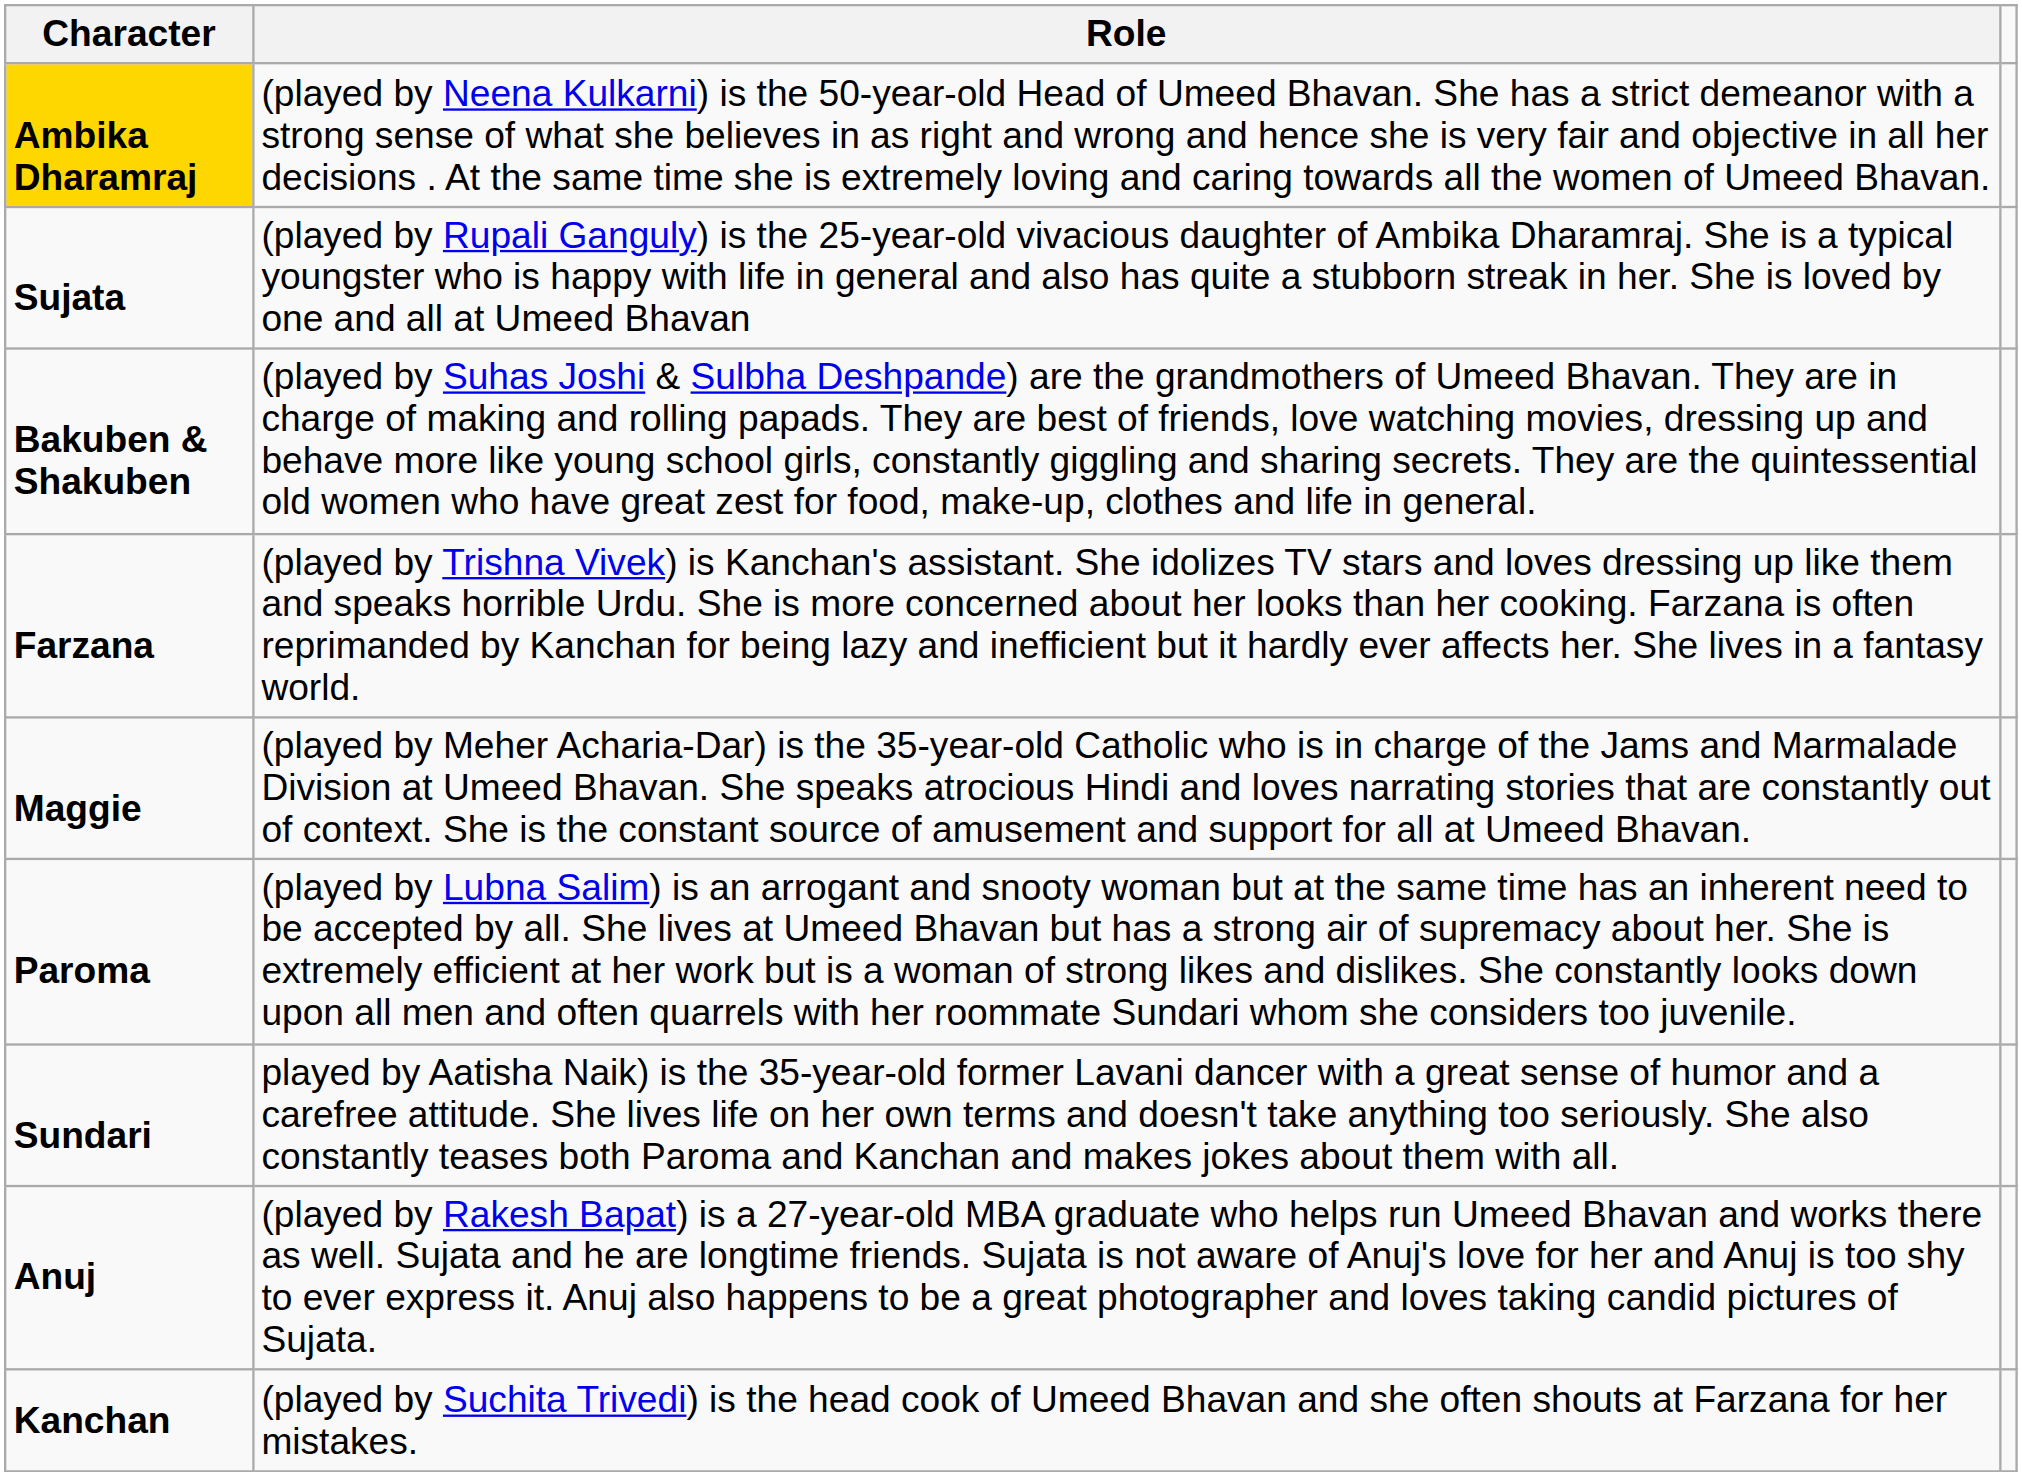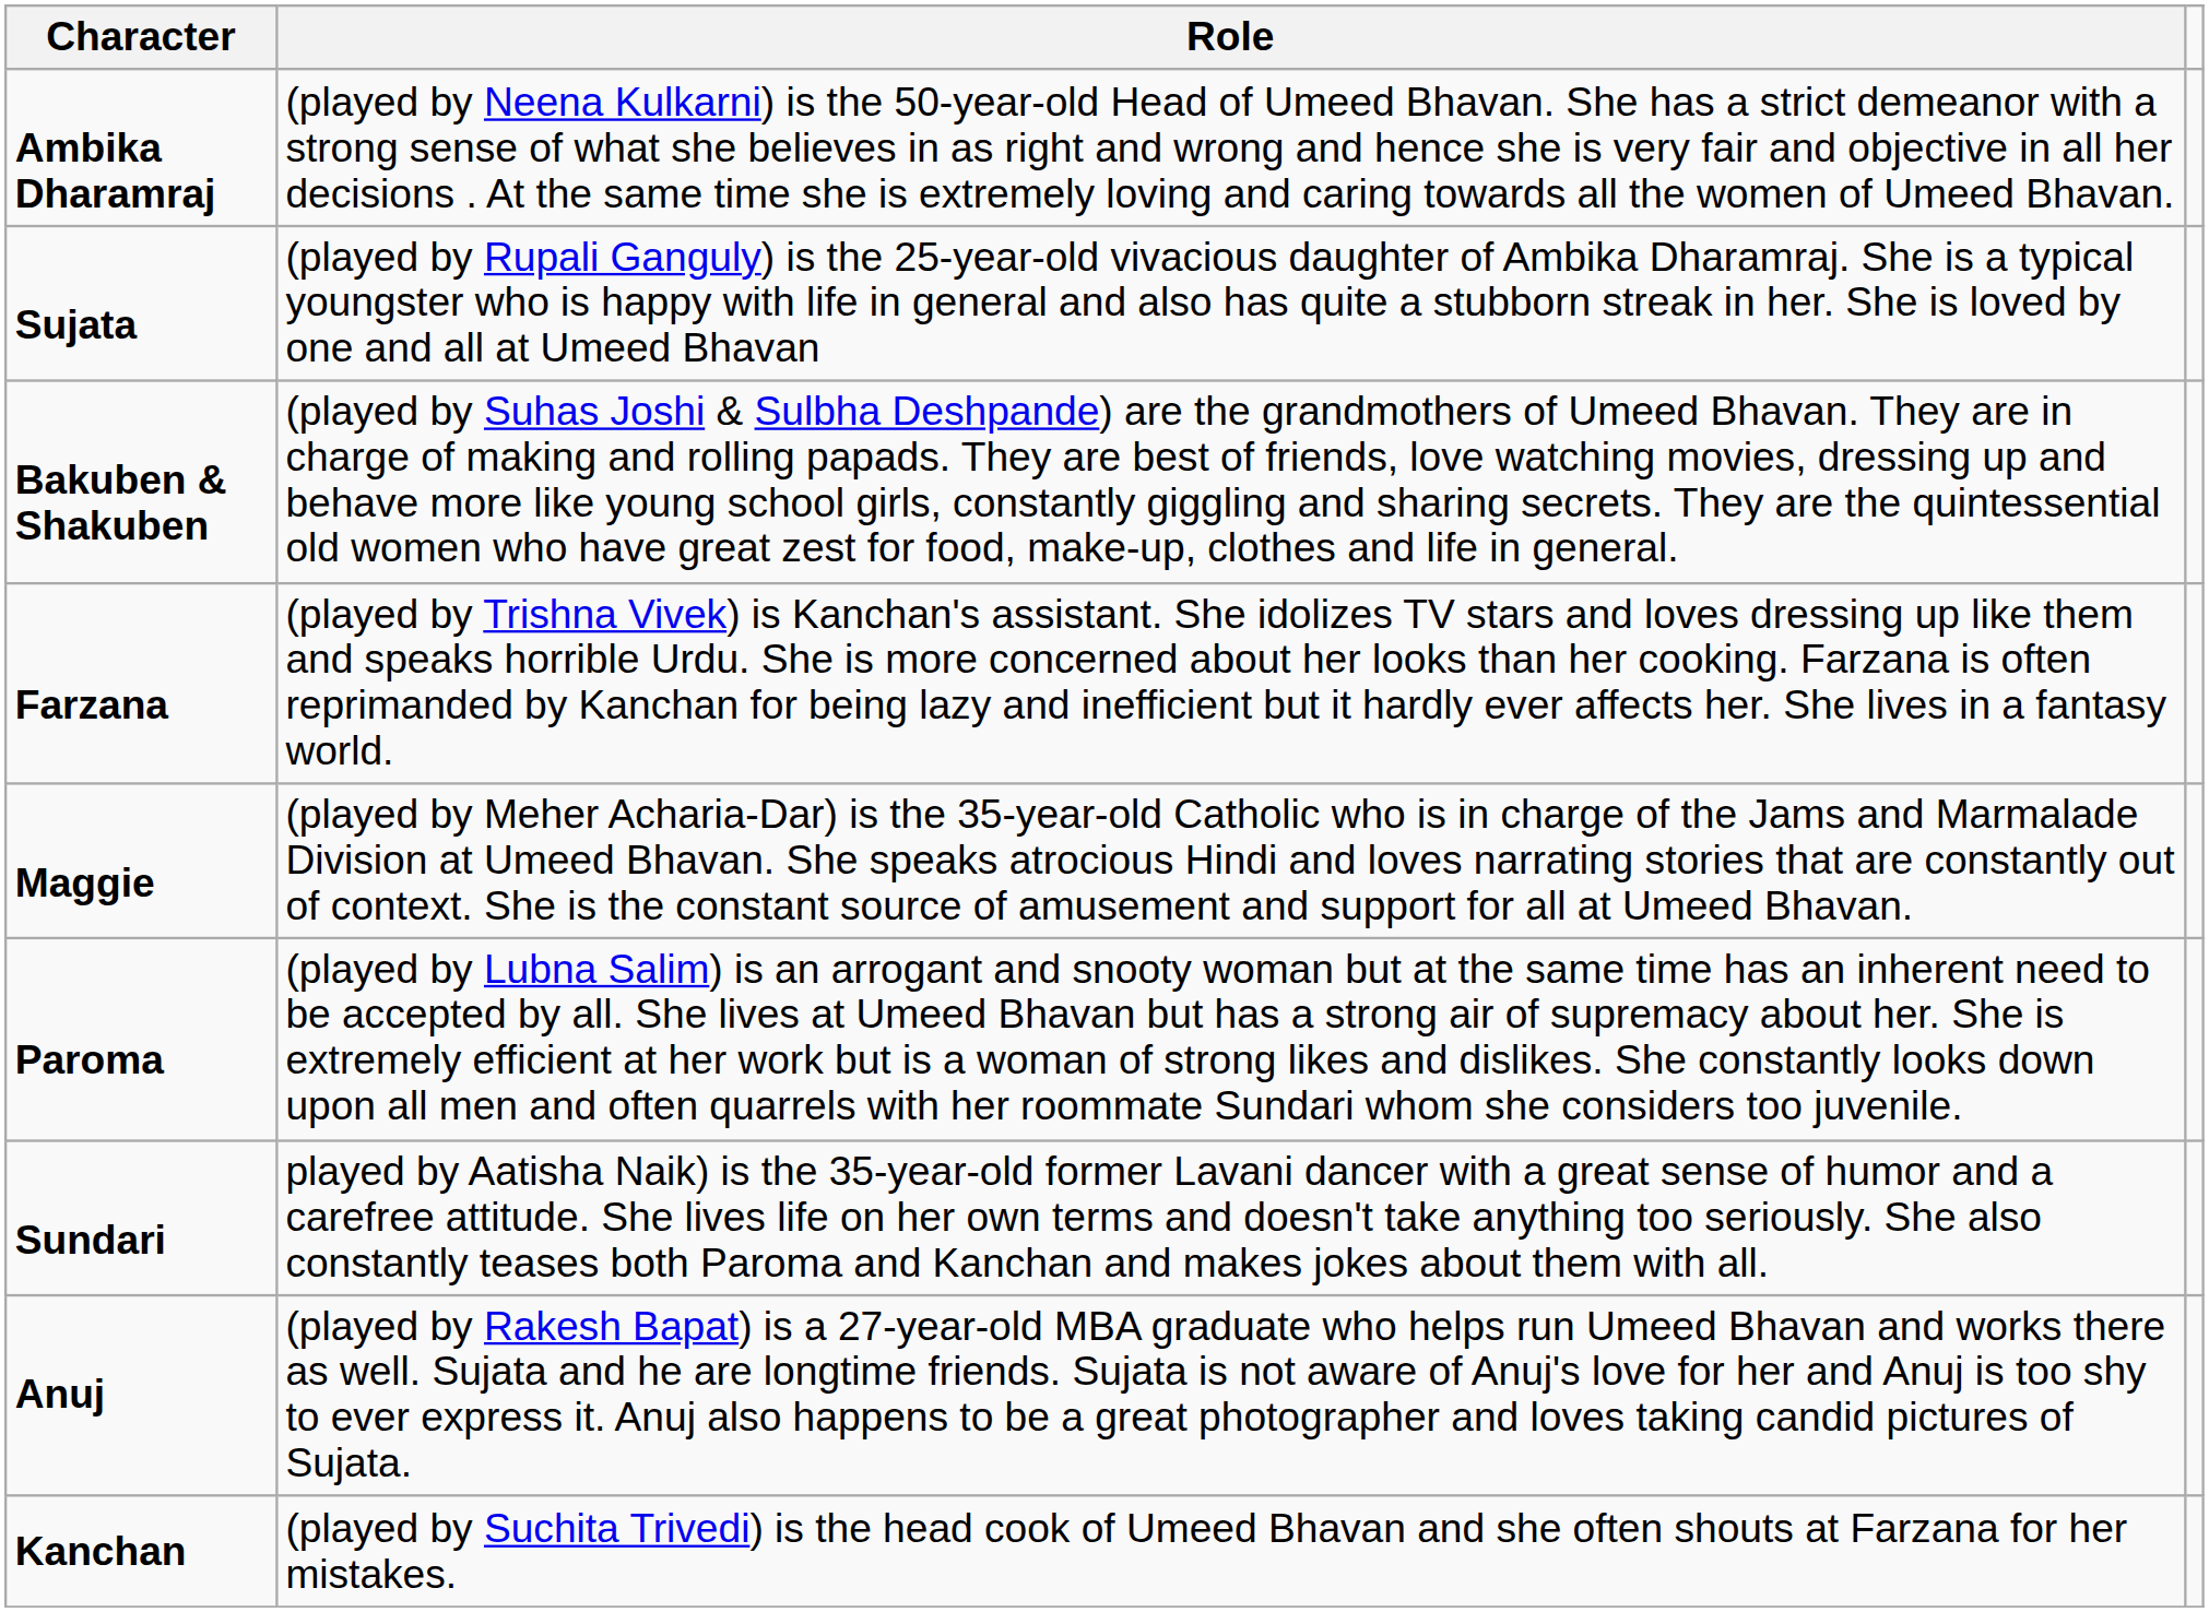 <table class="wikitable">
 <tr>
 <th>Character</th>
 <th>Role</th>
 </tr>
 <tr>
-<td rowspan="1" style="background: gold;"><br><strong>Ambika Dharamraj</strong></td>
+<td rowspan="1"><br><strong>Ambika Dharamraj</strong></td>
 <td>(played by <a href='#'>Neena Kulkarni</a>) is the 50-year-old Head of Umeed Bhavan. She has a strict demeanor with a strong sense of what she believes in as right and wrong and hence she is very fair and objective in all her decisions . At the same time she is extremely loving and caring towards all the women of Umeed Bhavan.</td>
 <td></td>
 </tr>
 <tr>
 <td rowspan="1"><br><strong>Sujata</strong></td>
 <td>(played by <a href='#'>Rupali Ganguly</a>) is the 25-year-old vivacious daughter of Ambika Dharamraj. She is a typical youngster who is happy with life in general and also has quite a stubborn streak in her. She is loved by one and all at Umeed Bhavan</td>
 <td></td>
 </tr>
 <tr>
 <td rowspan="1"><br><strong>Bakuben & Shakuben</strong></td>
 <td>(played by <a href='#'>Suhas Joshi</a> & <a href='#'>Sulbha Deshpande</a>) are the grandmothers of Umeed Bhavan. They are in charge of making and rolling papads. They are best of friends, love watching movies, dressing up and behave more like young school girls, constantly giggling and sharing secrets. They are the quintessential old women who have great zest for food, make-up, clothes and life in general.</td>
 <td></td>
 </tr>
 <tr>
 <td rowspan="1"><br><strong>Farzana</strong></td>
 <td>(played by <a href='#'>Trishna Vivek</a>) is Kanchan's assistant. She idolizes TV stars and loves dressing up like them and speaks horrible Urdu. She is more concerned about her looks than her cooking. Farzana is often reprimanded by Kanchan for being lazy and inefficient but it hardly ever affects her. She lives in a fantasy world.</td>
 <td></td>
 </tr>
 <tr>
 <td rowspan="1"><br><strong>Maggie</strong></td>
 <td>(played by Meher Acharia-Dar) is the 35-year-old Catholic who is in charge of the Jams and Marmalade Division at Umeed Bhavan. She speaks atrocious Hindi and loves narrating stories that are constantly out of context. She is the constant source of amusement and support for all at Umeed Bhavan.</td>
 <td></td>
 </tr>
 <tr>
 <td rowspan="1"><br><strong>Paroma</strong></td>
 <td>(played by <a href='#'>Lubna Salim</a>) is an arrogant and snooty woman but at the same time has an inherent need to be accepted by all. She lives at Umeed Bhavan but has a strong air of supremacy about her. She is extremely efficient at her work but is a woman of strong likes and dislikes. She constantly looks down upon all men and often quarrels with her roommate Sundari whom she considers too juvenile.</td>
 <td></td>
 </tr>
 <tr>
 <td rowspan="1"><br><strong>Sundari</strong></td>
 <td>played by Aatisha Naik) is the 35-year-old former Lavani dancer with a great sense of humor and a carefree attitude. She lives life on her own terms and doesn't take anything too seriously. She also constantly teases both Paroma and Kanchan and makes jokes about them with all.</td>
 <td></td>
 </tr>
 <tr>
 <td rowspan="1"><strong>Anuj</strong></td>
 <td>(played by <a href='#'>Rakesh Bapat</a>) is a 27-year-old MBA graduate who helps run Umeed Bhavan and works there as well. Sujata and he are longtime friends. Sujata is not aware of Anuj's love for her and Anuj is too shy to ever express it. Anuj also happens to be a great photographer and loves taking candid pictures of Sujata.</td>
 <td></td>
 </tr>
 <tr>
 <td rowspan="1"><strong>Kanchan</strong></td>
 <td>(played by <a href='#'>Suchita Trivedi</a>) is the head cook of Umeed Bhavan and she often shouts at Farzana for her mistakes.</td>
 </tr>
 </table>
